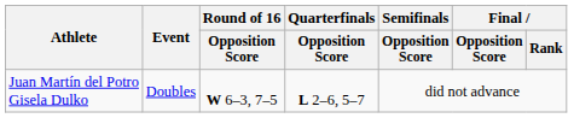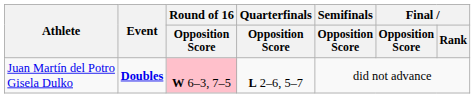 <table class=wikitable style="font-size:90%">
 <tr>
 <th rowspan="2">Athlete</th>
 <th rowspan="2">Event</th>
 <th>Round of 16</th>
 <th>Quarterfinals</th>
 <th>Semifinals</th>
 <th colspan=2>Final / </th>
 </tr>
 <tr style="font-size:95%">
 <th>Opposition<br>Score</th>
 <th>Opposition<br>Score</th>
 <th>Opposition<br>Score</th>
 <th>Opposition<br>Score</th>
 <th>Rank</th>
 </tr>
 <tr align=center>
 <td align=left><a href='#'>Juan Martín del Potro</a><br><a href='#'>Gisela Dulko</a></td>
-<td align=left><a href='#'>Doubles</a></td>
-<td> <br> <strong>W</strong> 6–3, 7–5</td>
+<td align=left><strong><a href='#'>Doubles</a></strong></td>
+<td style="background: pink;"> <br> <strong>W</strong> 6–3, 7–5</td>
 <td><br><strong>L</strong> 2–6, 5–7</td>
 <td colspan=3>did not advance</td>
 </tr>
 </table>
